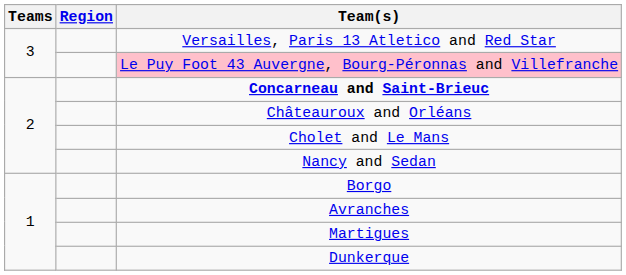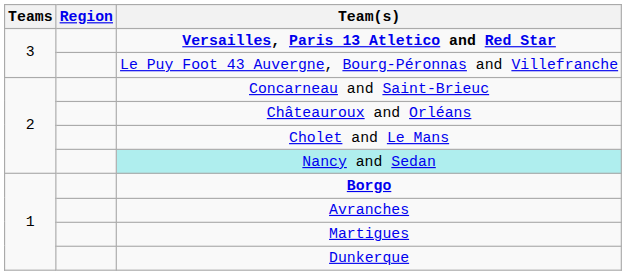 <table class="wikitable" style="text-align:center">
 <tr>
 <th>Teams</th>
 <th><a href='#'>Region</a></th>
 <th>Team(s)</th>
 </tr>
 <tr>
 <td rowspan="2">3</td>
 <td align="left"></td>
-<td><a href='#'>Versailles</a>, <a href='#'>Paris 13 Atletico</a> and <a href='#'>Red Star</a></td>
+<td><strong><a href='#'>Versailles</a>, <a href='#'>Paris 13 Atletico</a> and <a href='#'>Red Star</a></strong></td>
 </tr>
 <tr>
 <td align="left"></td>
-<td style="background: pink;"><a href='#'>Le Puy Foot 43 Auvergne</a>, <a href='#'>Bourg-Péronnas</a> and <a href='#'>Villefranche</a></td>
+<td><a href='#'>Le Puy Foot 43 Auvergne</a>, <a href='#'>Bourg-Péronnas</a> and <a href='#'>Villefranche</a></td>
 </tr>
 <tr>
 <td rowspan="4">2</td>
 <td align="left"></td>
-<td><strong><a href='#'>Concarneau</a> and <a href='#'>Saint-Brieuc</a></strong></td>
+<td><a href='#'>Concarneau</a> and <a href='#'>Saint-Brieuc</a></td>
 </tr>
 <tr>
 <td align="left"></td>
 <td><a href='#'>Châteauroux</a> and <a href='#'>Orléans</a></td>
 </tr>
 <tr>
 <td align="left"></td>
 <td><a href='#'>Cholet</a> and <a href='#'>Le Mans</a></td>
 </tr>
 <tr>
 <td align="left"></td>
-<td><a href='#'>Nancy</a> and <a href='#'>Sedan</a></td>
+<td style="background: paleturquoise;"><a href='#'>Nancy</a> and <a href='#'>Sedan</a></td>
 </tr>
 <tr>
 <td rowspan="4">1</td>
 <td align="left"></td>
-<td><a href='#'>Borgo</a></td>
+<td><strong><a href='#'>Borgo</a></strong></td>
 </tr>
 <tr>
 <td align="left"></td>
 <td><a href='#'>Avranches</a></td>
 </tr>
 <tr>
 <td align="left"></td>
 <td><a href='#'>Martigues</a></td>
 </tr>
 <tr>
 <td align="left"></td>
 <td><a href='#'>Dunkerque</a></td>
 </tr>
 </table>
